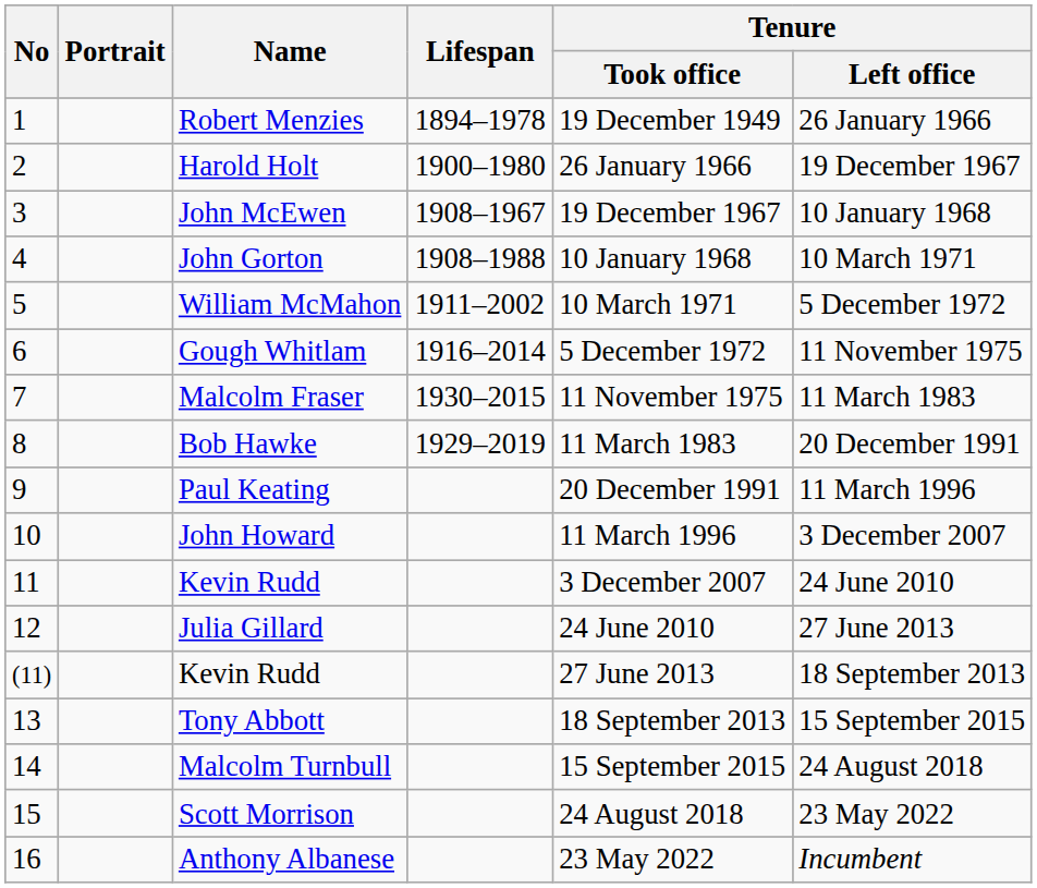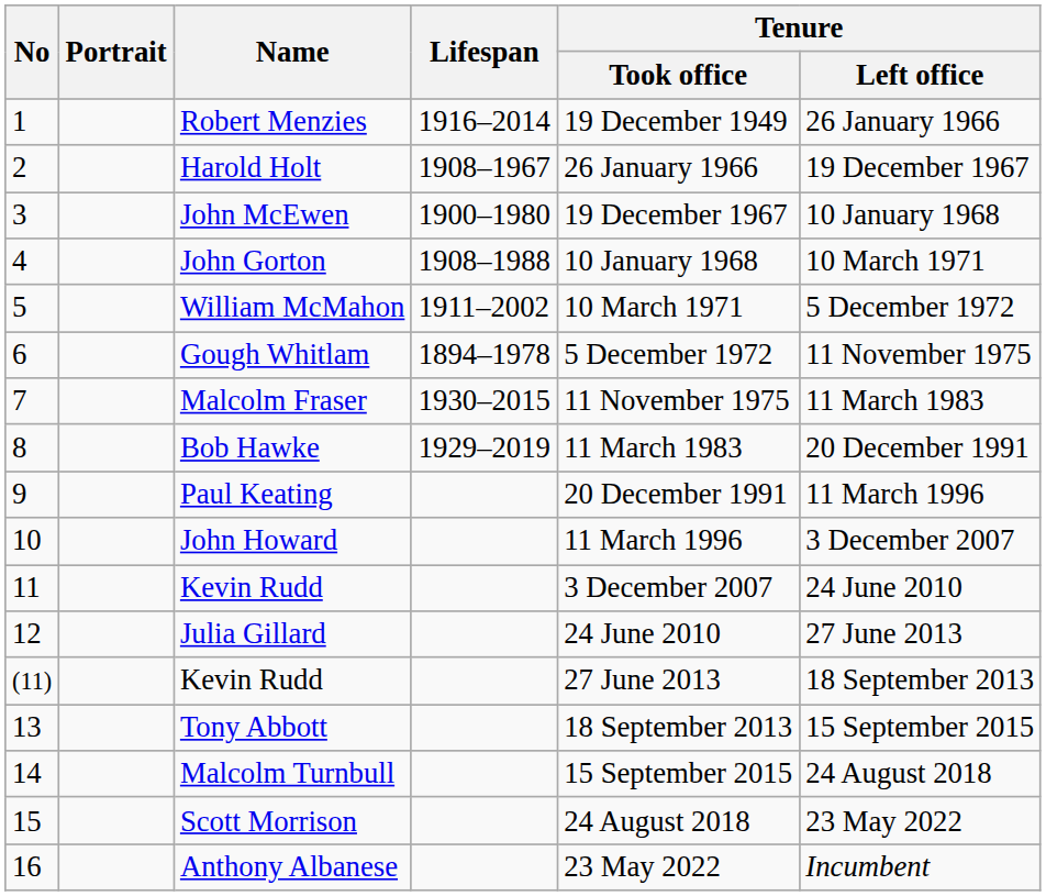 <table class="wikitable">
 <tr>
 <th scope="col" rowspan="2">No</th>
 <th scope="col" rowspan="2">Portrait</th>
 <th scope="col" rowspan="2">Name</th>
 <th scope="col" rowspan="2">Lifespan</th>
 <th scope="col" colspan="2">Tenure</th>
 </tr>
 <tr>
 <th scope="col">Took office</th>
 <th scope="col">Left office</th>
 </tr>
 <tr>
 <td>1</td>
 <td></td>
 <td><a href='#'>Robert Menzies</a></td>
-<td>1894–1978</td>
+<td>1916–2014</td>
 <td>19 December 1949</td>
 <td>26 January 1966</td>
 </tr>
 <tr>
 <td>2</td>
 <td></td>
 <td><a href='#'>Harold Holt</a></td>
-<td>1900–1980</td>
+<td>1908–1967</td>
 <td>26 January 1966</td>
 <td>19 December 1967</td>
 </tr>
 <tr>
 <td>3</td>
 <td></td>
 <td><a href='#'>John McEwen</a></td>
-<td>1908–1967</td>
+<td>1900–1980</td>
 <td>19 December 1967</td>
 <td>10 January 1968</td>
 </tr>
 <tr>
 <td>4</td>
 <td></td>
 <td><a href='#'>John Gorton</a></td>
 <td>1908–1988</td>
 <td>10 January 1968</td>
 <td>10 March 1971</td>
 </tr>
 <tr>
 <td>5</td>
 <td></td>
 <td><a href='#'>William McMahon</a></td>
 <td>1911–2002</td>
 <td>10 March 1971</td>
 <td>5 December 1972</td>
 </tr>
 <tr>
 <td>6</td>
 <td></td>
 <td><a href='#'>Gough Whitlam</a></td>
-<td>1916–2014</td>
+<td>1894–1978</td>
 <td>5 December 1972</td>
 <td>11 November 1975</td>
 </tr>
 <tr>
 <td>7</td>
 <td></td>
 <td><a href='#'>Malcolm Fraser</a></td>
 <td>1930–2015</td>
 <td>11 November 1975</td>
 <td>11 March 1983</td>
 </tr>
 <tr>
 <td>8</td>
 <td></td>
 <td><a href='#'>Bob Hawke</a></td>
 <td>1929–2019</td>
 <td>11 March 1983</td>
 <td>20 December 1991</td>
 </tr>
 <tr>
 <td>9</td>
 <td></td>
 <td><a href='#'>Paul Keating</a></td>
 <td></td>
 <td>20 December 1991</td>
 <td>11 March 1996</td>
 </tr>
 <tr>
 <td>10</td>
 <td></td>
 <td><a href='#'>John Howard</a></td>
 <td></td>
 <td>11 March 1996</td>
 <td>3 December 2007</td>
 </tr>
 <tr>
 <td>11</td>
 <td></td>
 <td><a href='#'>Kevin Rudd</a></td>
 <td></td>
 <td>3 December 2007</td>
 <td>24 June 2010</td>
 </tr>
 <tr>
 <td>12</td>
 <td></td>
 <td><a href='#'>Julia Gillard</a></td>
 <td></td>
 <td>24 June 2010</td>
 <td>27 June 2013</td>
 </tr>
 <tr>
 <td><small>(11)</small></td>
 <td></td>
 <td>Kevin Rudd</td>
 <td></td>
 <td>27 June 2013</td>
 <td>18 September 2013</td>
 </tr>
 <tr>
 <td>13</td>
 <td></td>
 <td><a href='#'>Tony Abbott</a></td>
 <td></td>
 <td>18 September 2013</td>
 <td>15 September 2015</td>
 </tr>
 <tr>
 <td>14</td>
 <td></td>
 <td><a href='#'>Malcolm Turnbull</a></td>
 <td></td>
 <td>15 September 2015</td>
 <td>24 August 2018</td>
 </tr>
 <tr>
 <td>15</td>
 <td></td>
 <td><a href='#'>Scott Morrison</a></td>
 <td></td>
 <td>24 August 2018</td>
 <td>23 May 2022</td>
 </tr>
 <tr>
 <td>16</td>
 <td></td>
 <td><a href='#'>Anthony Albanese</a></td>
 <td></td>
 <td>23 May 2022</td>
 <td><em>Incumbent</em></td>
 </tr>
 </table>
